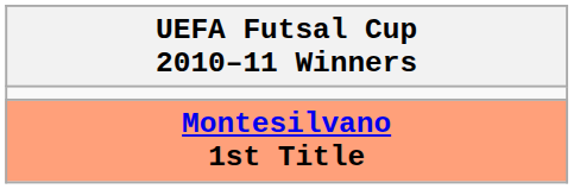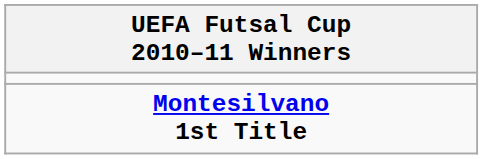 <table class="wikitable" style="text-align: center; margin: 0 auto; width: 20%">
 <tr>
 <th>UEFA Futsal Cup <br>2010–11 Winners</th>
 </tr>
 <tr>
 <td></td>
 </tr>
 <tr>
-<td style="background: lightsalmon;"><strong><a href='#'>Montesilvano</a></strong><br><strong>1st Title</strong> </td>
+<td><strong><a href='#'>Montesilvano</a></strong><br><strong>1st Title</strong> </td>
 </tr>
 </table>
